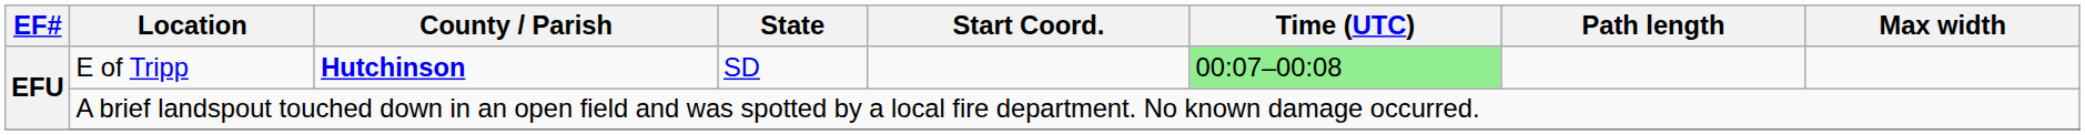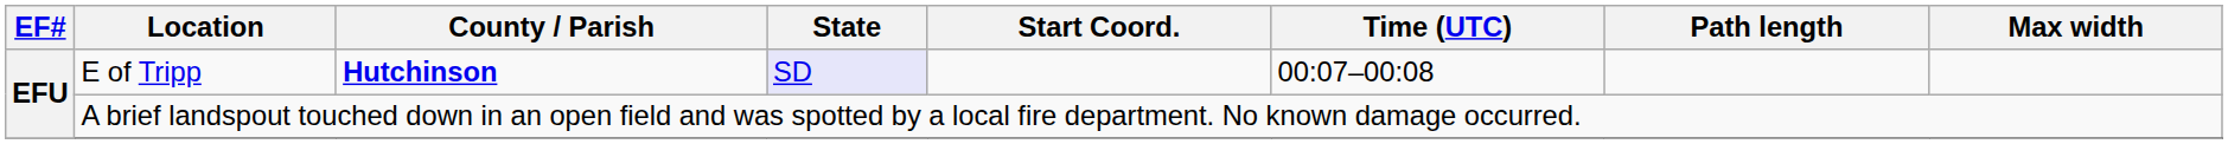 <table class="wikitable sortable" style="width:100%;">
 <tr>
 <th scope="col" width="2%" align="center"><a href='#'>EF#</a></th>
 <th scope="col" align="center" class="unsortable">Location</th>
 <th scope="col" align="center" class="unsortable">County / Parish</th>
 <th scope="col" align="center">State</th>
 <th scope="col" align="center">Start Coord.</th>
 <th scope="col" align="center">Time (<a href='#'>UTC</a>)</th>
 <th scope="col" align="center">Path length</th>
 <th scope="col" align="center">Max width</th>
 </tr>
 <tr>
 <th scope="row" rowspan="2" style="background-color:#">EFU</th>
 <td>E of <a href='#'>Tripp</a></td>
 <td><strong><a href='#'>Hutchinson</a></strong></td>
-<td><a href='#'>SD</a></td>
+<td style="background: lavender;"><a href='#'>SD</a></td>
 <td></td>
-<td style="background: lightgreen;">00:07–00:08</td>
+<td>00:07–00:08</td>
 <td></td>
 <td></td>
 </tr>
 <tr class="expand-child">
 <td colspan="8" style=" border-bottom: 1px solid black;">A brief landspout touched down in an open field and was spotted by a local fire department. No known damage occurred.</td>
 </tr>
 <tr>
 </tr>
 </table>
